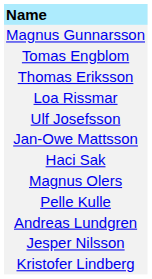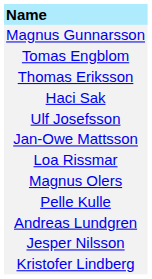 <table border=0 cellpadding=2 cellspacing=0  |- bgcolor=#F2F2F2 style="text-align:center; font-size:90%;">
 <tr bgcolor=#ADEBFD>
 <th align=left>Name</th>
 </tr>
 <tr>
 <td><a href='#'>Magnus Gunnarsson</a></td>
 </tr>
 <tr>
 <td><a href='#'>Tomas Engblom</a></td>
 </tr>
 <tr>
 <td><a href='#'>Thomas Eriksson</a></td>
 </tr>
 <tr>
-<td><a href='#'>Loa Rissmar</a></td>
+<td><a href='#'>Haci Sak</a></td>
 </tr>
 <tr>
 <td><a href='#'>Ulf Josefsson</a></td>
 </tr>
 <tr>
 <td><a href='#'>Jan-Owe Mattsson</a></td>
 </tr>
 <tr>
-<td><a href='#'>Haci Sak</a></td>
+<td><a href='#'>Loa Rissmar</a></td>
 </tr>
 <tr>
 <td><a href='#'>Magnus Olers</a></td>
 </tr>
 <tr>
 <td><a href='#'>Pelle Kulle</a></td>
 </tr>
 <tr>
 <td><a href='#'>Andreas Lundgren</a></td>
 </tr>
 <tr>
 <td><a href='#'>Jesper Nilsson</a></td>
 </tr>
 <tr>
 <td><a href='#'>Kristofer Lindberg</a></td>
 </tr>
 </table>
